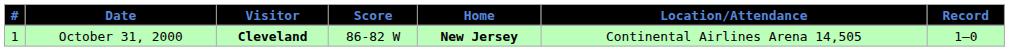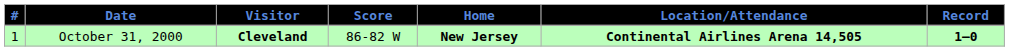 <table class="wikitable" width="80%">
 <tr align="center"  style="background:#000000; color:#5787DC">
 <td><strong>#</strong></td>
 <td><strong>Date</strong></td>
 <td><strong>Visitor</strong></td>
 <td><strong>Score</strong></td>
 <td><strong>Home</strong></td>
 <td><strong>Location/Attendance</strong></td>
 <td><strong>Record</strong></td>
 </tr>
 <tr align="center"    bgcolor="  ">
 </tr>
 <tr align="center" bgcolor="bbffbb">
 <td>1</td>
 <td>October 31, 2000</td>
 <td><strong>Cleveland</strong></td>
 <td>86-82 W</td>
 <td><strong>New Jersey</strong></td>
-<td>Continental Airlines Arena 14,505</td>
-<td>1–0</td>
+<td><strong>Continental Airlines Arena 14,505</strong></td>
+<td><strong>1–0</strong></td>
 </tr>
 </table>
